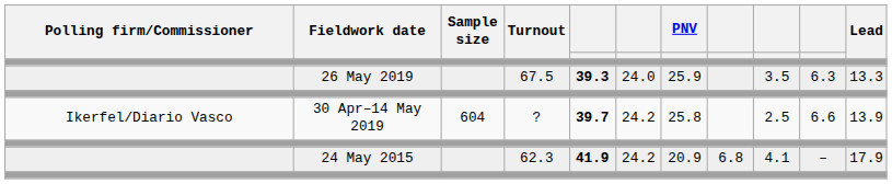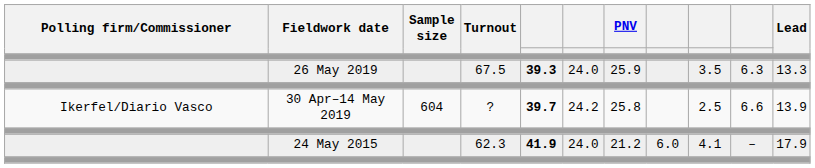 <table class="wikitable collapsible collapsed" style="text-align:center; font-size:95%; line-height:16px;">
 <tr style="height:42px;">
 <th style="width:250px;" rowspan="2">Polling firm/Commissioner</th>
 <th style="width:125px;" rowspan="2">Fieldwork date</th>
 <th style="width:50px;" rowspan="2">Sample size</th>
 <th style="width:45px;" rowspan="2">Turnout</th>
 <th style="width:35px;"></th>
 <th style="width:35px;"></th>
 <th style="width:35px;"><a href='#'>PNV</a></th>
 <th style="width:35px;"></th>
 <th style="width:35px;"></th>
 <th style="width:35px;"></th>
 <th style="width:30px;" rowspan="2">Lead</th>
 </tr>
 <tr>
 <th style="color:inherit;background:"></th>
 <th style="color:inherit;background:"></th>
 <th style="color:inherit;background:"></th>
 <th style="color:inherit;background:"></th>
 <th style="color:inherit;background:"></th>
 <th style="color:inherit;background:"></th>
 </tr>
 <tr>
 <td colspan="11" style="background:#A0A0A0"></td>
 </tr>
 <tr style="background:#EFEFEF;">
 <td><strong></strong></td>
 <td>26 May 2019</td>
 <td></td>
 <td>67.5</td>
 <td><strong>39.3</strong><br></td>
 <td>24.0<br></td>
 <td>25.9<br></td>
 <td></td>
 <td>3.5<br></td>
 <td>6.3<br></td>
 <td style="background:">13.3</td>
 </tr>
 <tr>
 <td colspan="11" style="background:#A0A0A0"></td>
 </tr>
 <tr>
 <td>Ikerfel/Diario Vasco</td>
 <td>30 Apr–14 May 2019</td>
 <td>604</td>
 <td>?</td>
 <td><strong>39.7</strong><br></td>
 <td>24.2<br></td>
 <td>25.8<br></td>
 <td></td>
 <td>2.5<br></td>
 <td>6.6<br></td>
 <td style="background:">13.9</td>
 </tr>
 <tr>
 <td colspan="11" style="background:#A0A0A0"></td>
 </tr>
 <tr style="background:#EFEFEF;">
 <td><strong></strong></td>
 <td>24 May 2015</td>
 <td></td>
 <td>62.3</td>
 <td><strong>41.9</strong><br></td>
-<td>24.2<br></td>
-<td>20.9<br></td>
-<td>6.8<br></td>
+<td>24.0<br></td>
+<td>21.2<br></td>
+<td>6.0<br></td>
 <td>4.1<br></td>
 <td>–</td>
 <td style="background:">17.9</td>
 </tr>
 <tr>
 <td colspan="11" style="background:#A0A0A0"></td>
 </tr>
 </table>
